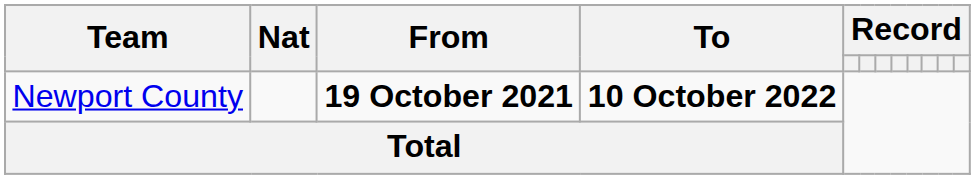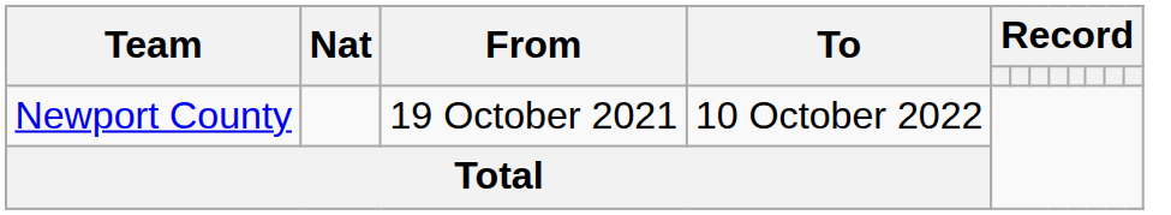 <table class="wikitable" style="text-align: center">
 <tr>
 <th rowspan="2">Team</th>
 <th rowspan="2">Nat</th>
 <th rowspan="2">From</th>
 <th rowspan="2">To</th>
 <th colspan="8">Record</th>
 </tr>
 <tr>
 <th></th>
 <th></th>
 <th></th>
 <th></th>
 <th></th>
 <th></th>
 <th></th>
 <th></th>
 </tr>
 <tr>
 <td align=left><a href='#'>Newport County</a></td>
 <td></td>
-<td align=left><strong>19 October 2021</strong></td>
-<td align=left><strong>10 October 2022<br></strong></td>
+<td align=left>19 October 2021</td>
+<td align=left>10 October 2022<br></td>
 </tr>
 <tr>
 <th colspan="4">Total<br></th>
 </tr>
 </table>
